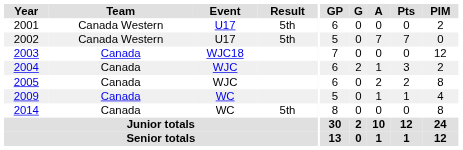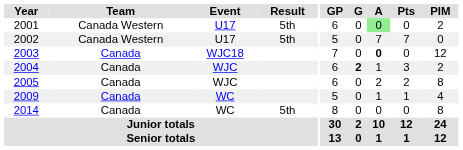 <table border="0" cellpadding="1" cellspacing="0" ID="Table3" style="text-align:center; width:40em;">
 <tr bgcolor="#e0e0e0">
 <th>Year</th>
 <th>Team</th>
 <th>Event</th>
 <th>Result</th>
 <th rowspan="99" bgcolor="#ffffff"></th>
 <th>GP</th>
 <th>G</th>
 <th>A</th>
 <th>Pts</th>
 <th>PIM</th>
 </tr>
 <tr>
 <td>2001</td>
 <td>Canada Western</td>
 <td><a href='#'>U17</a></td>
 <td>5th</td>
 <td>6</td>
 <td>0</td>
-<td>0</td>
+<td style="background: lightgreen;">0</td>
 <td>0</td>
 <td>2</td>
 </tr>
 <tr bgcolor="#f0f0f0">
 <td>2002</td>
 <td>Canada Western</td>
 <td>U17</td>
 <td>5th</td>
 <td>5</td>
 <td>0</td>
 <td>7</td>
 <td>7</td>
 <td>0</td>
 </tr>
 <tr>
 <td><a href='#'>2003</a></td>
 <td><a href='#'>Canada</a></td>
 <td><a href='#'>WJC18</a></td>
 <td></td>
 <td>7</td>
 <td>0</td>
-<td>0</td>
+<td><strong>0</strong></td>
 <td>0</td>
 <td>12</td>
 </tr>
 <tr bgcolor="#f0f0f0">
 <td><a href='#'>2004</a></td>
 <td>Canada</td>
 <td><a href='#'>WJC</a></td>
 <td></td>
 <td>6</td>
-<td>2</td>
+<td><strong>2</strong></td>
 <td>1</td>
 <td>3</td>
 <td>2</td>
 </tr>
 <tr>
 <td><a href='#'>2005</a></td>
 <td>Canada</td>
 <td>WJC</td>
 <td></td>
 <td>6</td>
 <td>0</td>
 <td>2</td>
 <td>2</td>
 <td>8</td>
 </tr>
 <tr bgcolor="#f0f0f0">
 <td><a href='#'>2009</a></td>
 <td><a href='#'>Canada</a></td>
 <td><a href='#'>WC</a></td>
 <td></td>
 <td>5</td>
 <td>0</td>
 <td>1</td>
 <td>1</td>
 <td>4</td>
 </tr>
 <tr>
 <td><a href='#'>2014</a></td>
 <td>Canada</td>
 <td>WC</td>
 <td>5th</td>
 <td>8</td>
 <td>0</td>
 <td>0</td>
 <td>0</td>
 <td>8</td>
 </tr>
 <tr bgcolor="#e0e0e0">
 <th colspan="4">Junior totals</th>
 <th>30</th>
 <th>2</th>
 <th>10</th>
 <th>12</th>
 <th>24</th>
 </tr>
 <tr bgcolor="#e0e0e0">
 <th colspan="4">Senior totals</th>
 <th>13</th>
 <th>0</th>
 <th>1</th>
 <th>1</th>
 <th>12</th>
 </tr>
 </table>
